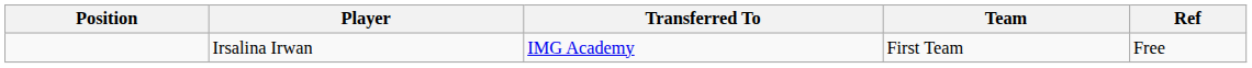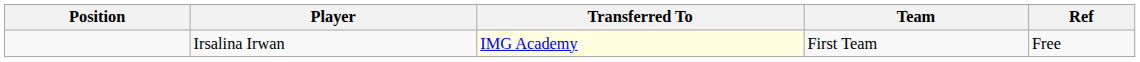 <table class="wikitable sortable" style="width:70%; text-align:center; font-size:100%; text-align:left;">
 <tr>
 <th>Position</th>
 <th>Player</th>
 <th>Transferred To</th>
 <th>Team</th>
 <th>Ref</th>
 </tr>
 <tr>
 <td></td>
 <td> Irsalina Irwan</td>
-<td> <a href='#'>IMG Academy</a></td>
+<td style="background: lightyellow;"> <a href='#'>IMG Academy</a></td>
 <td>First Team</td>
 <td>Free </td>
 </tr>
 <tr>
 </tr>
 </table>
